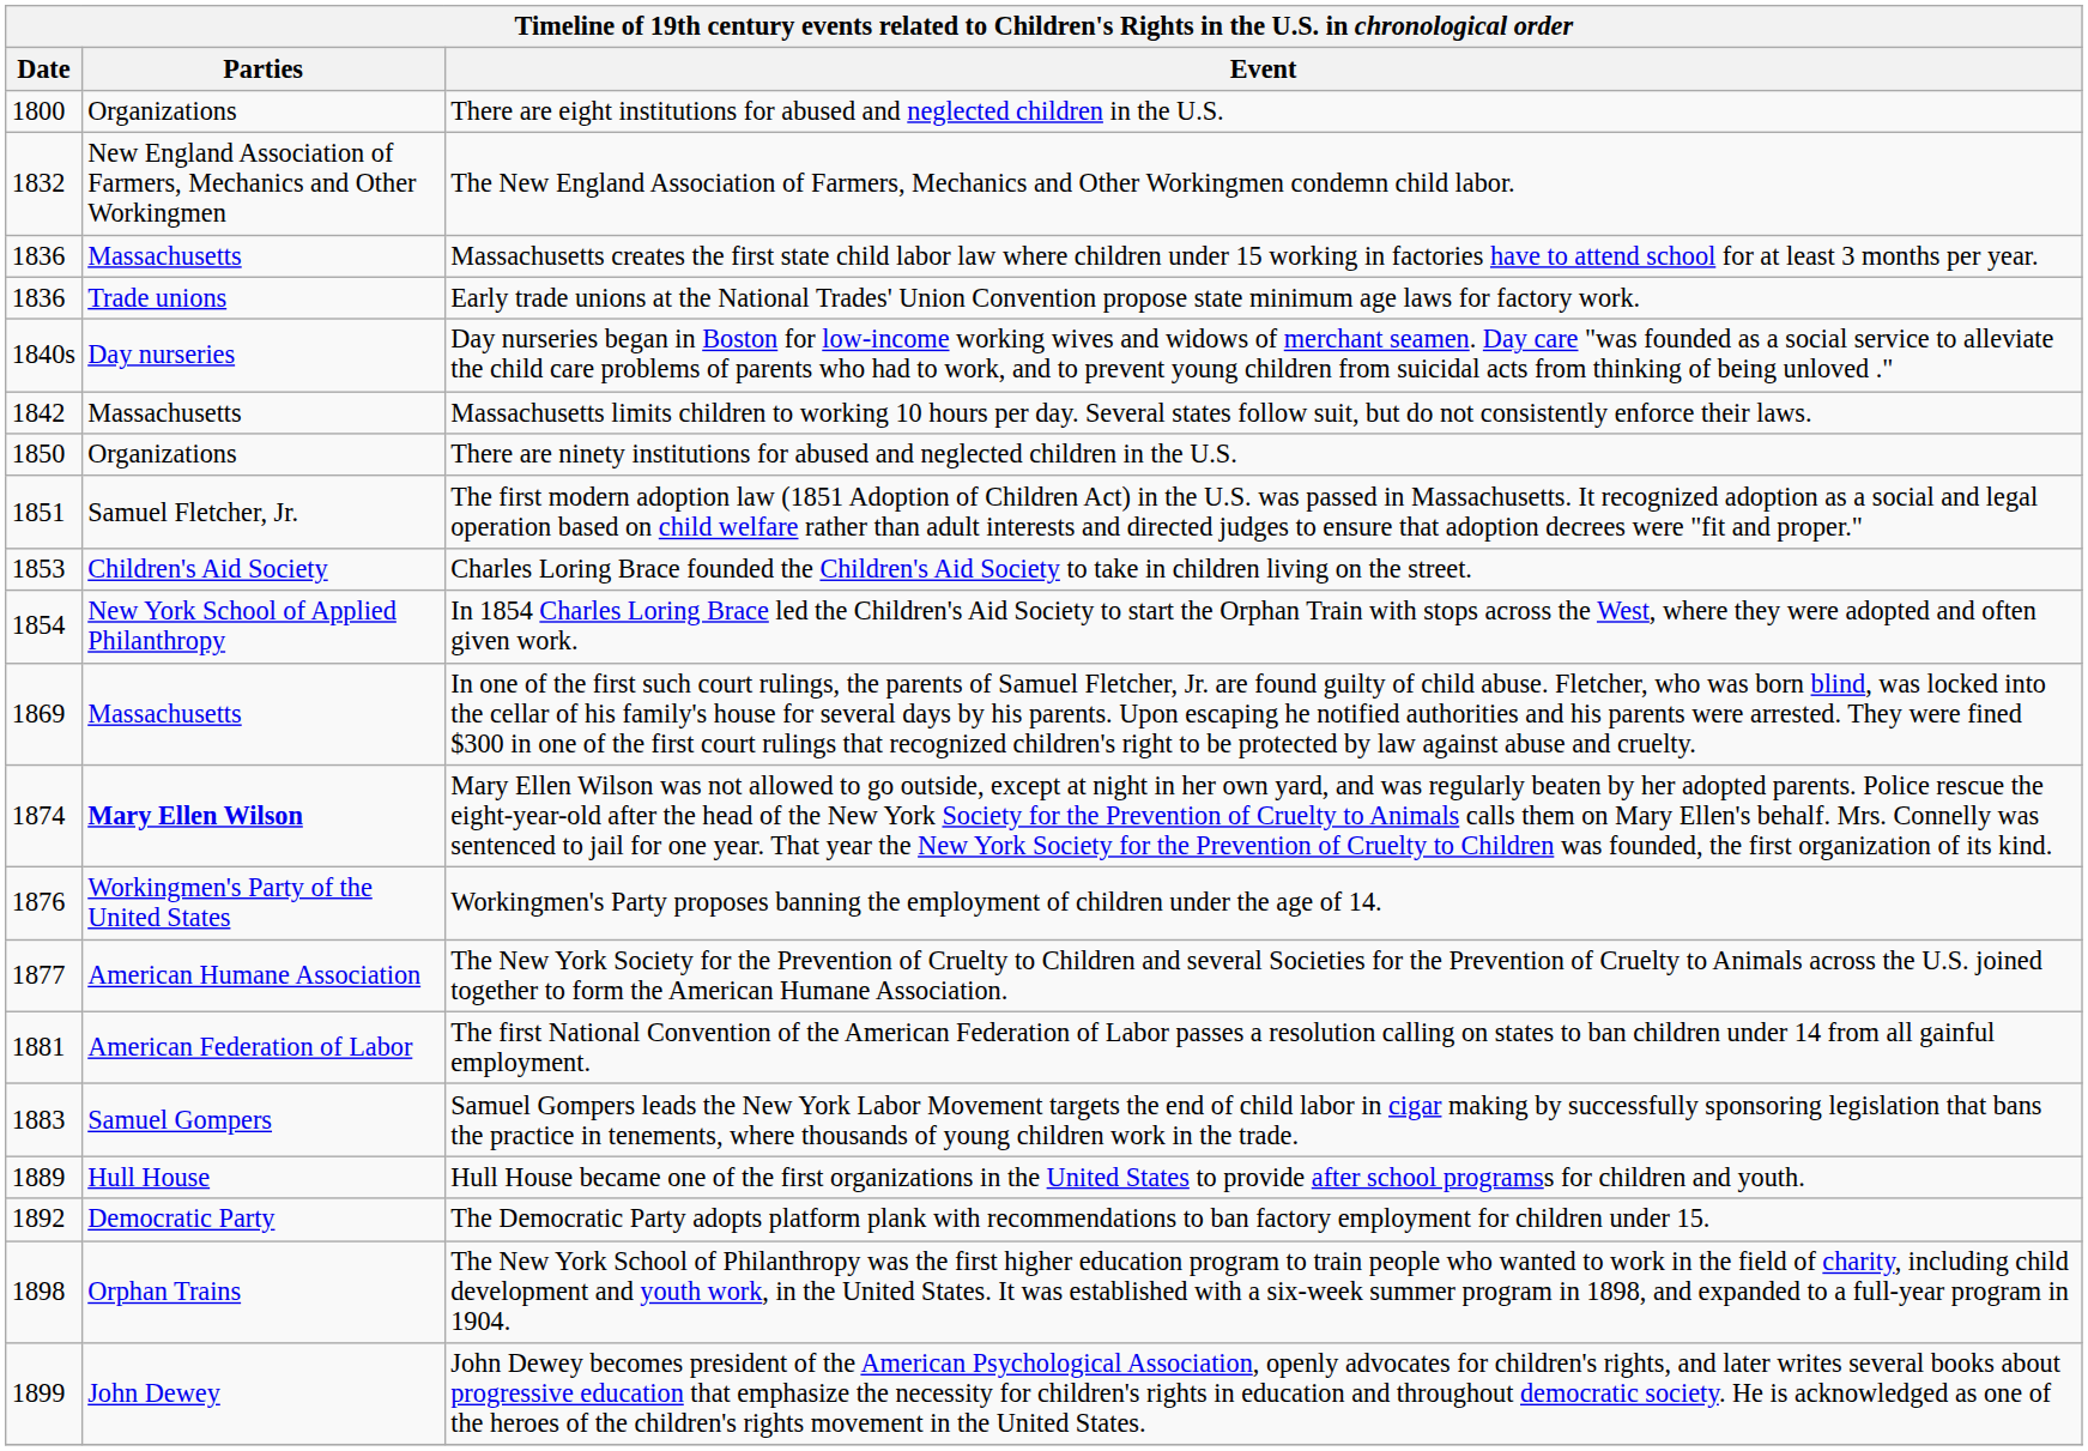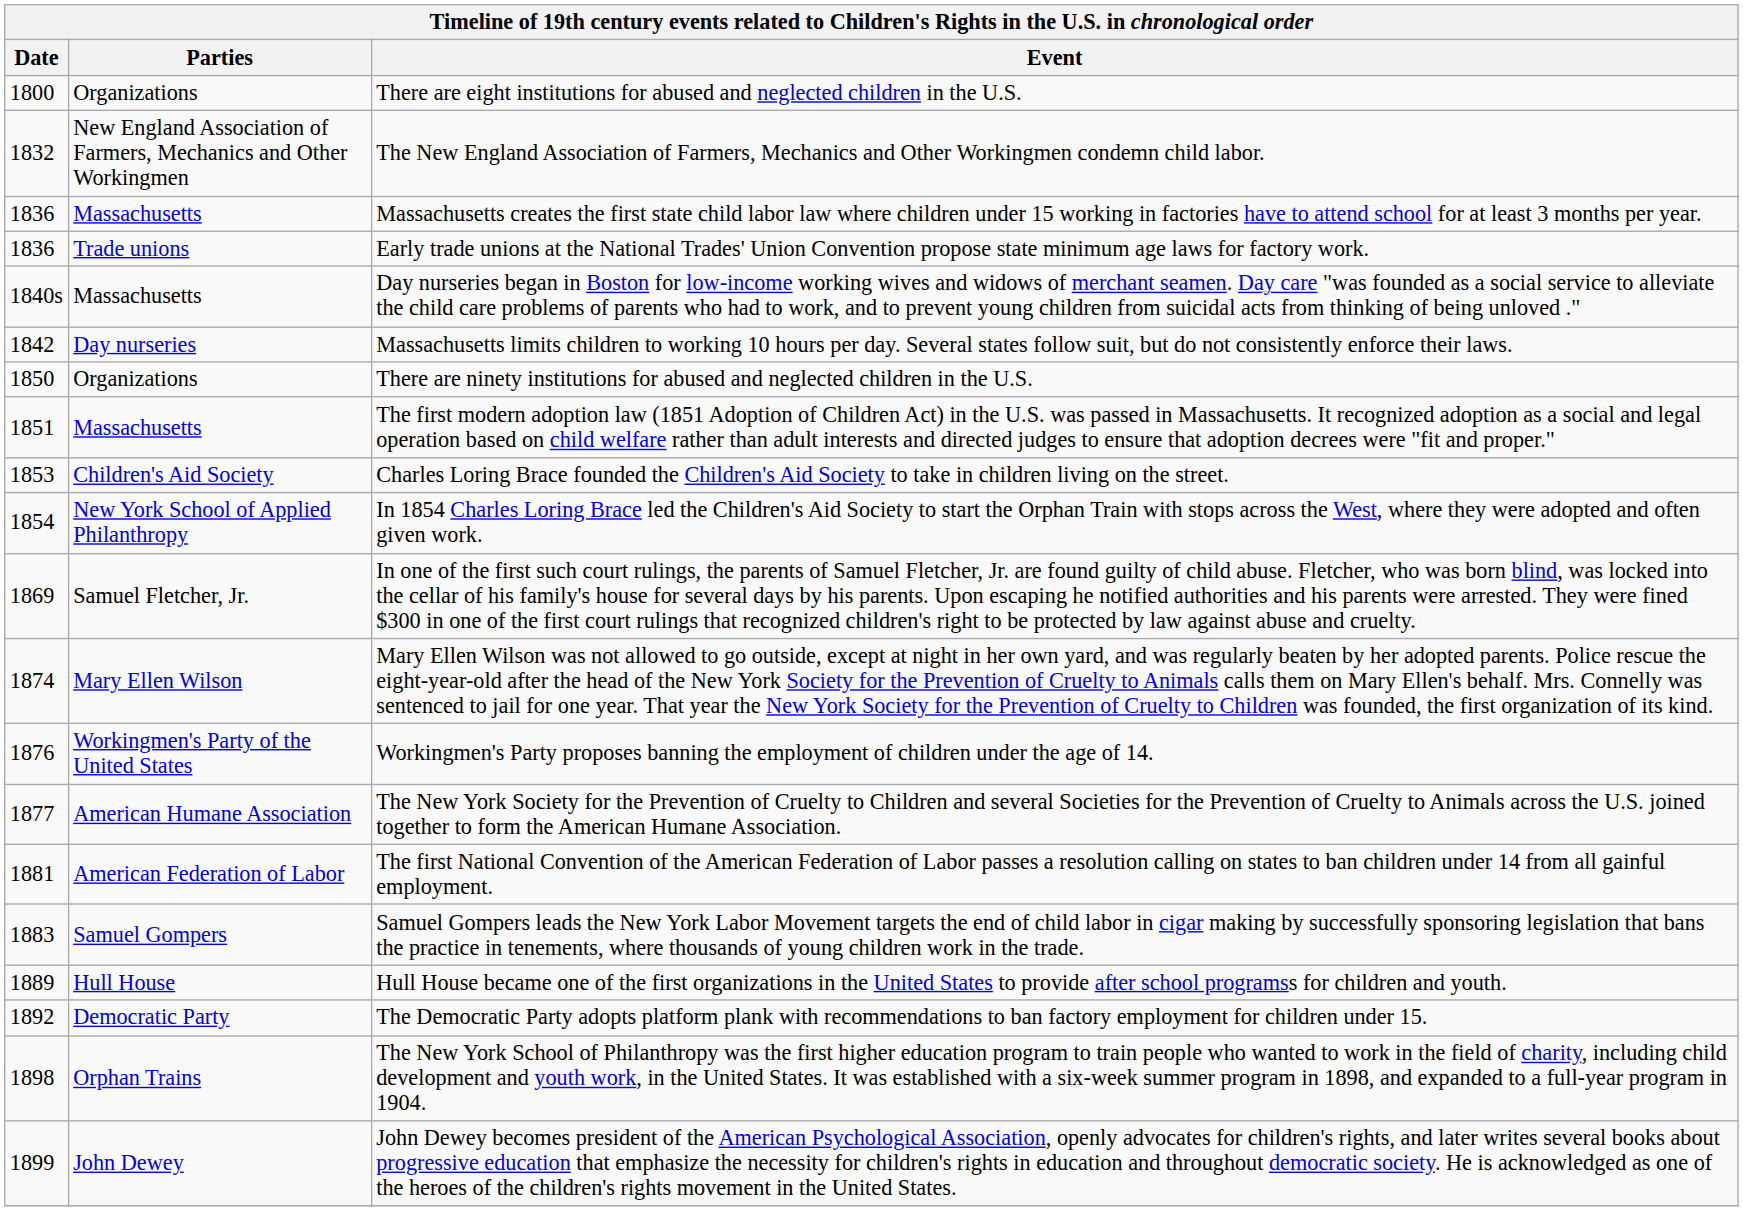 <table class="wikitable">
 <tr>
 <th align="center" colspan="6"><strong>Timeline of 19th century events related to Children's Rights in the U.S.</strong> in <em>chronological order</em></th>
 </tr>
 <tr>
 <th>Date</th>
 <th>Parties</th>
 <th>Event</th>
 </tr>
 <tr>
 <td>1800</td>
 <td>Organizations</td>
 <td>There are eight institutions for abused and <a href='#'>neglected children</a> in the U.S.</td>
 </tr>
 <tr>
 <td>1832</td>
 <td>New England Association of Farmers, Mechanics and Other Workingmen</td>
 <td>The New England Association of Farmers, Mechanics and Other Workingmen condemn child labor.</td>
 </tr>
 <tr>
 <td>1836</td>
 <td><a href='#'>Massachusetts</a></td>
 <td>Massachusetts creates the first state child labor law where children under 15 working in factories <a href='#'>have to attend school</a> for at least 3 months per year.</td>
 </tr>
 <tr>
 <td>1836</td>
 <td><a href='#'>Trade unions</a></td>
 <td>Early trade unions at the National Trades' Union Convention propose state minimum age laws for factory work.</td>
 </tr>
 <tr>
 <td>1840s</td>
-<td><a href='#'>Day nurseries</a></td>
+<td>Massachusetts</td>
 <td>Day nurseries began in <a href='#'>Boston</a> for <a href='#'>low-income</a> working wives and widows of <a href='#'>merchant seamen</a>.  <a href='#'>Day care</a> "was founded as a social service to alleviate the child care problems of parents who had to work, and to prevent  young children from suicidal acts from thinking of being unloved ."</td>
 </tr>
 <tr>
 <td>1842</td>
-<td>Massachusetts</td>
+<td><a href='#'>Day nurseries</a></td>
 <td>Massachusetts limits children to working 10 hours per day. Several states follow suit, but do not consistently enforce their laws.</td>
 </tr>
 <tr>
 <td>1850</td>
 <td>Organizations</td>
 <td>There are ninety institutions for abused and neglected children in the U.S.</td>
 </tr>
 <tr>
 <td>1851</td>
-<td>Samuel Fletcher, Jr.</td>
+<td><a href='#'>Massachusetts</a></td>
 <td>The first modern adoption law (1851 Adoption of Children Act) in the U.S. was passed in Massachusetts. It recognized adoption as a social and legal operation based on <a href='#'>child welfare</a> rather than adult interests and directed judges to ensure that adoption decrees were "fit and proper."</td>
 </tr>
 <tr>
 <td>1853</td>
 <td><a href='#'>Children's Aid Society</a></td>
 <td>Charles Loring Brace founded the <a href='#'>Children's Aid Society</a> to take in children living on the street.</td>
 </tr>
 <tr>
 <td>1854</td>
 <td><a href='#'>New York School of Applied Philanthropy</a></td>
 <td>In 1854 <a href='#'>Charles Loring Brace</a> led the Children's Aid Society to start the Orphan Train with stops across the <a href='#'>West</a>, where they were adopted and often given work.</td>
 </tr>
 <tr>
 <td>1869</td>
-<td><a href='#'>Massachusetts</a></td>
+<td>Samuel Fletcher, Jr.</td>
 <td>In one of the first such court rulings, the parents of Samuel Fletcher, Jr. are found guilty of child abuse. Fletcher, who was born <a href='#'>blind</a>, was locked into the cellar of his family's house for several days by his parents. Upon escaping he notified authorities and his parents were arrested. They were fined $300 in one of the first court rulings that recognized children's right to be protected by law against abuse and cruelty.</td>
 </tr>
 <tr>
 <td>1874</td>
-<td><strong><a href='#'>Mary Ellen Wilson</a></strong></td>
+<td><a href='#'>Mary Ellen Wilson</a></td>
 <td>Mary Ellen Wilson was not allowed to go outside, except at night in her own yard, and was regularly beaten by her adopted parents. Police rescue the eight-year-old after the head of the New York <a href='#'>Society for the Prevention of Cruelty to Animals</a> calls them on Mary Ellen's behalf. Mrs. Connelly was sentenced to jail for one year. That year the <a href='#'>New York Society for the Prevention of Cruelty to Children</a> was founded, the first organization of its kind.</td>
 </tr>
 <tr>
 <td>1876</td>
 <td><a href='#'>Workingmen's Party of the United States</a></td>
 <td>Workingmen's Party proposes banning the employment of children under the age of 14.</td>
 </tr>
 <tr>
 <td>1877</td>
 <td><a href='#'>American Humane Association</a></td>
 <td>The New York Society for the Prevention of Cruelty to Children and several Societies for the Prevention of Cruelty to Animals across the U.S. joined together to form the American Humane Association.</td>
 </tr>
 <tr>
 <td>1881</td>
 <td><a href='#'>American Federation of Labor</a></td>
 <td>The first National Convention of the American Federation of Labor passes a resolution calling on states to ban children under 14 from all gainful employment.</td>
 </tr>
 <tr>
 <td>1883</td>
 <td><a href='#'>Samuel Gompers</a></td>
 <td>Samuel Gompers leads the New York Labor Movement targets the end of child labor in <a href='#'>cigar</a> making by successfully sponsoring legislation that bans the practice in tenements, where thousands of young children work in the trade.</td>
 </tr>
 <tr>
 <td>1889</td>
 <td><a href='#'>Hull House</a></td>
 <td>Hull House became one of the first organizations in the <a href='#'>United States</a> to provide <a href='#'>after school programs</a>s for children and youth.</td>
 </tr>
 <tr>
 <td>1892</td>
 <td><a href='#'>Democratic Party</a></td>
 <td>The Democratic Party adopts platform plank with recommendations to ban factory employment for children under 15.</td>
 </tr>
 <tr>
 <td>1898</td>
 <td><a href='#'>Orphan Trains</a></td>
 <td>The New York School of Philanthropy was the first higher education program to train people who wanted to work in the field of <a href='#'>charity</a>, including child development and <a href='#'>youth work</a>, in the United States. It was established with a six-week summer program in 1898, and expanded to a full-year program in 1904.</td>
 </tr>
 <tr>
 <td>1899</td>
 <td><a href='#'>John Dewey</a></td>
 <td>John Dewey becomes president of the <a href='#'>American Psychological Association</a>, openly advocates for children's rights, and later writes several books about <a href='#'>progressive education</a> that  emphasize the necessity for children's rights in education and throughout <a href='#'>democratic society</a>. He is acknowledged as one of the heroes of the children's rights movement in the United States.</td>
 </tr>
 <tr>
 </tr>
 </table>
